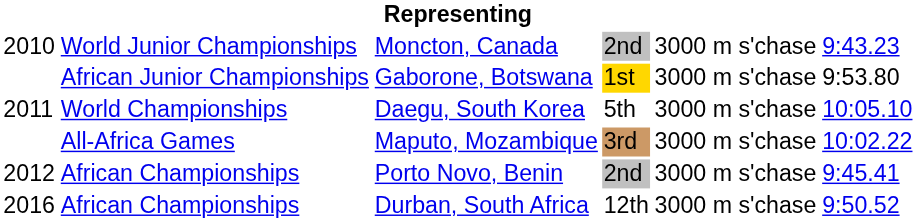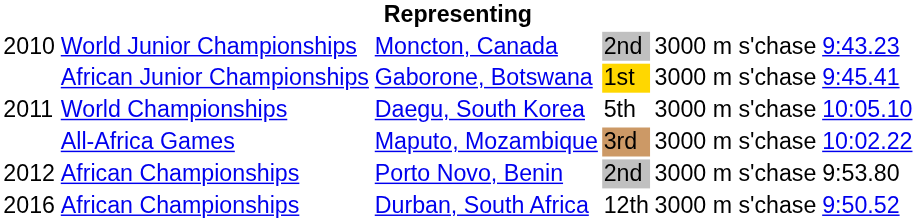 <table>
 <tr>
 <th colspan="6">Representing </th>
 </tr>
 <tr>
 <td>2010</td>
 <td><a href='#'>World Junior Championships</a></td>
 <td><a href='#'>Moncton, Canada</a></td>
 <td bgcolor=silver>2nd</td>
 <td>3000 m s'chase</td>
 <td><a href='#'>9:43.23</a></td>
 </tr>
 <tr>
 <td rowspan=3>2011</td>
 <td><a href='#'>African Junior Championships</a></td>
 <td><a href='#'>Gaborone, Botswana</a></td>
 <td bgcolor=gold>1st</td>
 <td>3000 m s'chase</td>
-<td>9:53.80</td>
+<td><a href='#'>9:45.41</a></td>
 </tr>
 <tr>
 <td><a href='#'>World Championships</a></td>
 <td><a href='#'>Daegu, South Korea</a></td>
 <td>5th</td>
 <td>3000 m s'chase</td>
 <td><a href='#'>10:05.10</a></td>
 </tr>
 <tr>
 <td><a href='#'>All-Africa Games</a></td>
 <td><a href='#'>Maputo, Mozambique</a></td>
 <td bgcolor=cc9966>3rd</td>
 <td>3000 m s'chase</td>
 <td><a href='#'>10:02.22</a></td>
 </tr>
 <tr>
 <td>2012</td>
 <td><a href='#'>African Championships</a></td>
 <td><a href='#'>Porto Novo, Benin</a></td>
 <td bgcolor=silver>2nd</td>
 <td>3000 m s'chase</td>
-<td><a href='#'>9:45.41</a></td>
+<td>9:53.80</td>
 </tr>
 <tr>
 <td>2016</td>
 <td><a href='#'>African Championships</a></td>
 <td><a href='#'>Durban, South Africa</a></td>
 <td>12th</td>
 <td>3000 m s'chase</td>
 <td><a href='#'>9:50.52</a></td>
 </tr>
 </table>
